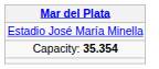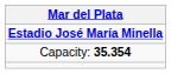 <table class="wikitable" style="text-align:center">
 <tr>
 <th><a href='#'>Mar del Plata</a></th>
 </tr>
 <tr>
-<td><a href='#'>Estadio José María Minella</a></td>
+<td><strong><a href='#'>Estadio José María Minella</a></strong></td>
 </tr>
 <tr>
 <td>Capacity: <strong>35.354</strong></td>
 </tr>
 <tr>
 <td></td>
 </tr>
 </table>
